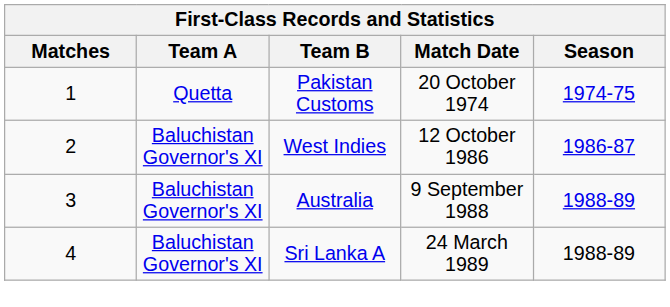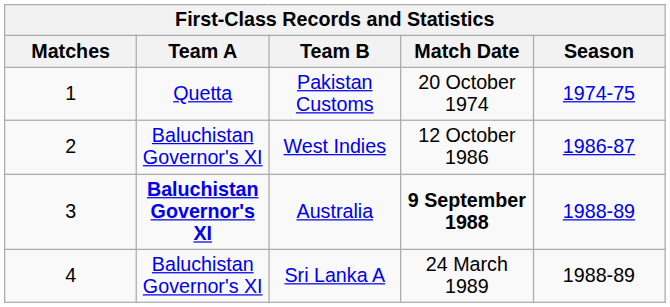 <table class="wikitable plainrowheaders sortable" style="font-size:100%">
 <tr>
 <th colspan="7" rowspan="1">First-Class Records and Statistics</th>
 </tr>
 <tr>
 <th scope="col" style="width:100px">Matches</th>
 <th scope="col" style="width:100px">Team A</th>
 <th scope="col" style="width:100px">Team B</th>
 <th scope="col" style="width:100px">Match Date</th>
 <th scope="col" style="width:100px">Season</th>
 </tr>
 <tr>
 <td align="center">1</td>
 <td align="center"><a href='#'>Quetta</a></td>
 <td align="center"><a href='#'>Pakistan Customs</a></td>
 <td align="center">20 October 1974</td>
 <td align="center"><a href='#'>1974-75</a></td>
 </tr>
 <tr>
 <td align="center">2</td>
 <td align="center"><a href='#'>Baluchistan Governor's XI</a></td>
 <td align="center"><a href='#'>West Indies</a></td>
 <td align="center">12 October 1986</td>
 <td align="center"><a href='#'>1986-87</a></td>
 </tr>
 <tr>
 <td align="center">3</td>
-<td align="center"><a href='#'>Baluchistan Governor's XI</a></td>
+<td align="center"><strong><a href='#'>Baluchistan Governor's XI</a></strong></td>
 <td align="center"><a href='#'>Australia</a></td>
-<td align="center">9 September 1988</td>
+<td align="center"><strong>9 September 1988</strong></td>
 <td align="center"><a href='#'>1988-89</a></td>
 </tr>
 <tr>
 <td align="center">4</td>
 <td align="center"><a href='#'>Baluchistan Governor's XI</a></td>
 <td align="center"><a href='#'>Sri Lanka A</a></td>
 <td align="center">24 March 1989</td>
 <td align="center">1988-89</td>
 </tr>
 </table>
